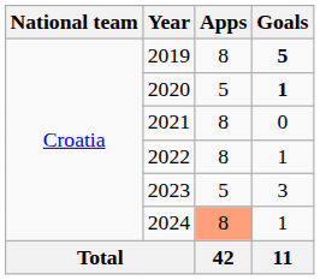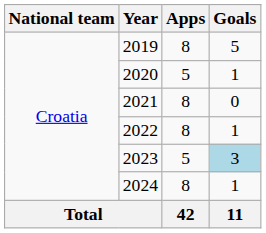 <table class=wikitable style="text-align: center">
 <tr>
 <th>National team</th>
 <th>Year</th>
 <th>Apps</th>
 <th>Goals</th>
 </tr>
 <tr>
 <td rowspan="6"><a href='#'>Croatia</a></td>
 <td>2019</td>
 <td>8</td>
-<td><strong>5</strong></td>
+<td>5</td>
 </tr>
 <tr>
 <td>2020</td>
 <td>5</td>
-<td><strong>1</strong></td>
+<td>1</td>
 </tr>
 <tr>
 <td>2021</td>
 <td>8</td>
 <td>0</td>
 </tr>
 <tr>
 <td>2022</td>
 <td>8</td>
 <td>1</td>
 </tr>
 <tr>
 <td>2023</td>
 <td>5</td>
-<td>3</td>
+<td style="background: lightblue;">3</td>
 </tr>
 <tr>
 <td>2024</td>
-<td style="background: lightsalmon;">8</td>
+<td>8</td>
 <td>1</td>
 </tr>
 <tr>
 <th colspan="2">Total</th>
 <th>42</th>
 <th>11</th>
 </tr>
 </table>
